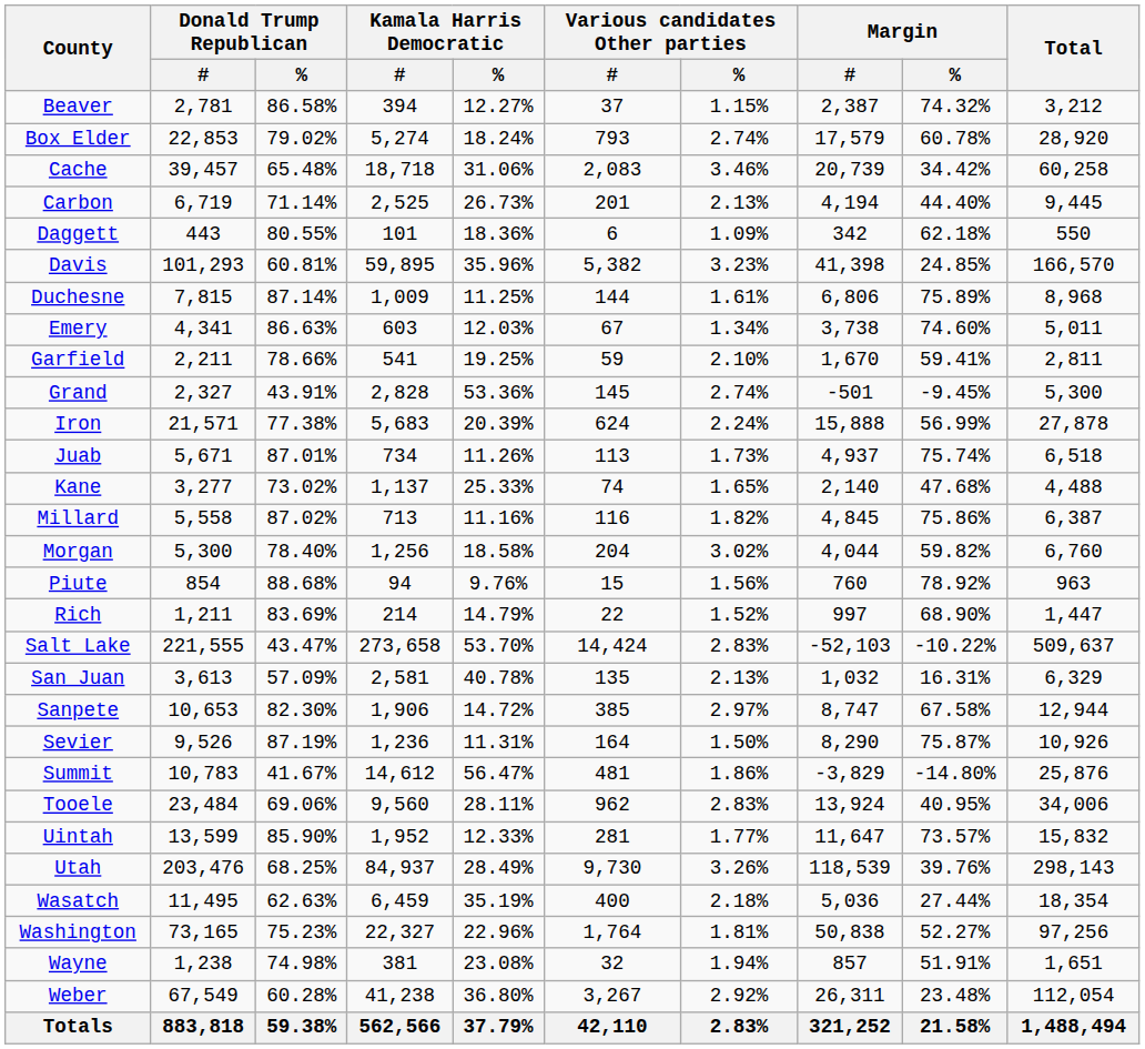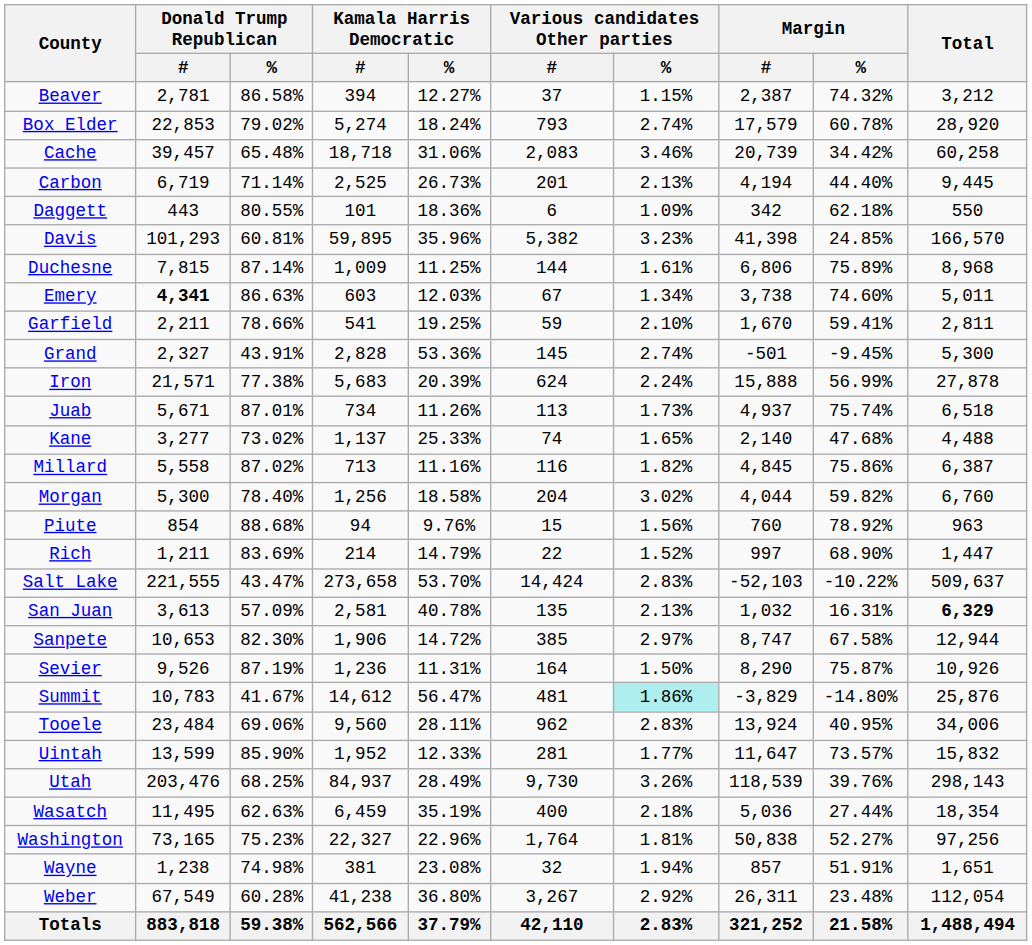 <table width="60%" class="wikitable sortable">
 <tr>
 <th rowspan="2">County</th>
 <th colspan="2">Donald Trump<br>Republican</th>
 <th colspan="2">Kamala Harris<br>Democratic</th>
 <th style="text-align:center;" colspan="2">Various candidates<br>Other parties</th>
 <th style="text-align:center;" colspan="2">Margin</th>
 <th style="text-align:center;" rowspan="2">Total</th>
 </tr>
 <tr>
 <th style="text-align:center;" data-sort-type="number">#</th>
 <th style="text-align:center;" data-sort-type="number">%</th>
 <th style="text-align:center;" data-sort-type="number">#</th>
 <th style="text-align:center;" data-sort-type="number">%</th>
 <th style="text-align:center;" data-sort-type="number">#</th>
 <th style="text-align:center;" data-sort-type="number">%</th>
 <th style="text-align:center;" data-sort-type="number">#</th>
 <th style="text-align:center;" data-sort-type="number">%</th>
 </tr>
 <tr style="text-align:center;">
 <td><a href='#'>Beaver</a></td>
 <td>2,781</td>
 <td>86.58%</td>
 <td>394</td>
 <td>12.27%</td>
 <td>37</td>
 <td>1.15%</td>
 <td>2,387</td>
 <td>74.32%</td>
 <td>3,212</td>
 </tr>
 <tr style="text-align:center;">
 <td><a href='#'>Box Elder</a></td>
 <td>22,853</td>
 <td>79.02%</td>
 <td>5,274</td>
 <td>18.24%</td>
 <td>793</td>
 <td>2.74%</td>
 <td>17,579</td>
 <td>60.78%</td>
 <td>28,920</td>
 </tr>
 <tr style="text-align:center;">
 <td><a href='#'>Cache</a></td>
 <td>39,457</td>
 <td>65.48%</td>
 <td>18,718</td>
 <td>31.06%</td>
 <td>2,083</td>
 <td>3.46%</td>
 <td>20,739</td>
 <td>34.42%</td>
 <td>60,258</td>
 </tr>
 <tr style="text-align:center;">
 <td><a href='#'>Carbon</a></td>
 <td>6,719</td>
 <td>71.14%</td>
 <td>2,525</td>
 <td>26.73%</td>
 <td>201</td>
 <td>2.13%</td>
 <td>4,194</td>
 <td>44.40%</td>
 <td>9,445</td>
 </tr>
 <tr style="text-align:center;">
 <td><a href='#'>Daggett</a></td>
 <td>443</td>
 <td>80.55%</td>
 <td>101</td>
 <td>18.36%</td>
 <td>6</td>
 <td>1.09%</td>
 <td>342</td>
 <td>62.18%</td>
 <td>550</td>
 </tr>
 <tr style="text-align:center;">
 <td><a href='#'>Davis</a></td>
 <td>101,293</td>
 <td>60.81%</td>
 <td>59,895</td>
 <td>35.96%</td>
 <td>5,382</td>
 <td>3.23%</td>
 <td>41,398</td>
 <td>24.85%</td>
 <td>166,570</td>
 </tr>
 <tr style="text-align:center;">
 <td><a href='#'>Duchesne</a></td>
 <td>7,815</td>
 <td>87.14%</td>
 <td>1,009</td>
 <td>11.25%</td>
 <td>144</td>
 <td>1.61%</td>
 <td>6,806</td>
 <td>75.89%</td>
 <td>8,968</td>
 </tr>
 <tr style="text-align:center;">
 <td><a href='#'>Emery</a></td>
-<td>4,341</td>
+<td><strong>4,341</strong></td>
 <td>86.63%</td>
 <td>603</td>
 <td>12.03%</td>
 <td>67</td>
 <td>1.34%</td>
 <td>3,738</td>
 <td>74.60%</td>
 <td>5,011</td>
 </tr>
 <tr style="text-align:center;">
 <td><a href='#'>Garfield</a></td>
 <td>2,211</td>
 <td>78.66%</td>
 <td>541</td>
 <td>19.25%</td>
 <td>59</td>
 <td>2.10%</td>
 <td>1,670</td>
 <td>59.41%</td>
 <td>2,811</td>
 </tr>
 <tr style="text-align:center;">
 <td><a href='#'>Grand</a></td>
 <td>2,327</td>
 <td>43.91%</td>
 <td>2,828</td>
 <td>53.36%</td>
 <td>145</td>
 <td>2.74%</td>
 <td>-501</td>
 <td>-9.45%</td>
 <td>5,300</td>
 </tr>
 <tr style="text-align:center;">
 <td><a href='#'>Iron</a></td>
 <td>21,571</td>
 <td>77.38%</td>
 <td>5,683</td>
 <td>20.39%</td>
 <td>624</td>
 <td>2.24%</td>
 <td>15,888</td>
 <td>56.99%</td>
 <td>27,878</td>
 </tr>
 <tr style="text-align:center;">
 <td><a href='#'>Juab</a></td>
 <td>5,671</td>
 <td>87.01%</td>
 <td>734</td>
 <td>11.26%</td>
 <td>113</td>
 <td>1.73%</td>
 <td>4,937</td>
 <td>75.74%</td>
 <td>6,518</td>
 </tr>
 <tr style="text-align:center;">
 <td><a href='#'>Kane</a></td>
 <td>3,277</td>
 <td>73.02%</td>
 <td>1,137</td>
 <td>25.33%</td>
 <td>74</td>
 <td>1.65%</td>
 <td>2,140</td>
 <td>47.68%</td>
 <td>4,488</td>
 </tr>
 <tr style="text-align:center;">
 <td><a href='#'>Millard</a></td>
 <td>5,558</td>
 <td>87.02%</td>
 <td>713</td>
 <td>11.16%</td>
 <td>116</td>
 <td>1.82%</td>
 <td>4,845</td>
 <td>75.86%</td>
 <td>6,387</td>
 </tr>
 <tr style="text-align:center;">
 <td><a href='#'>Morgan</a></td>
 <td>5,300</td>
 <td>78.40%</td>
 <td>1,256</td>
 <td>18.58%</td>
 <td>204</td>
 <td>3.02%</td>
 <td>4,044</td>
 <td>59.82%</td>
 <td>6,760</td>
 </tr>
 <tr style="text-align:center;">
 <td><a href='#'>Piute</a></td>
 <td>854</td>
 <td>88.68%</td>
 <td>94</td>
 <td>9.76%</td>
 <td>15</td>
 <td>1.56%</td>
 <td>760</td>
 <td>78.92%</td>
 <td>963</td>
 </tr>
 <tr style="text-align:center;">
 <td><a href='#'>Rich</a></td>
 <td>1,211</td>
 <td>83.69%</td>
 <td>214</td>
 <td>14.79%</td>
 <td>22</td>
 <td>1.52%</td>
 <td>997</td>
 <td>68.90%</td>
 <td>1,447</td>
 </tr>
 <tr style="text-align:center;">
 <td><a href='#'>Salt Lake</a></td>
 <td>221,555</td>
 <td>43.47%</td>
 <td>273,658</td>
 <td>53.70%</td>
 <td>14,424</td>
 <td>2.83%</td>
 <td>-52,103</td>
 <td>-10.22%</td>
 <td>509,637</td>
 </tr>
 <tr style="text-align:center;">
 <td><a href='#'>San Juan</a></td>
 <td>3,613</td>
 <td>57.09%</td>
 <td>2,581</td>
 <td>40.78%</td>
 <td>135</td>
 <td>2.13%</td>
 <td>1,032</td>
 <td>16.31%</td>
-<td>6,329</td>
+<td><strong>6,329</strong></td>
 </tr>
 <tr style="text-align:center;">
 <td><a href='#'>Sanpete</a></td>
 <td>10,653</td>
 <td>82.30%</td>
 <td>1,906</td>
 <td>14.72%</td>
 <td>385</td>
 <td>2.97%</td>
 <td>8,747</td>
 <td>67.58%</td>
 <td>12,944</td>
 </tr>
 <tr style="text-align:center;">
 <td><a href='#'>Sevier</a></td>
 <td>9,526</td>
 <td>87.19%</td>
 <td>1,236</td>
 <td>11.31%</td>
 <td>164</td>
 <td>1.50%</td>
 <td>8,290</td>
 <td>75.87%</td>
 <td>10,926</td>
 </tr>
 <tr style="text-align:center;">
 <td><a href='#'>Summit</a></td>
 <td>10,783</td>
 <td>41.67%</td>
 <td>14,612</td>
 <td>56.47%</td>
 <td>481</td>
-<td>1.86%</td>
+<td style="background: paleturquoise;">1.86%</td>
 <td>-3,829</td>
 <td>-14.80%</td>
 <td>25,876</td>
 </tr>
 <tr style="text-align:center;">
 <td><a href='#'>Tooele</a></td>
 <td>23,484</td>
 <td>69.06%</td>
 <td>9,560</td>
 <td>28.11%</td>
 <td>962</td>
 <td>2.83%</td>
 <td>13,924</td>
 <td>40.95%</td>
 <td>34,006</td>
 </tr>
 <tr style="text-align:center;">
 <td><a href='#'>Uintah</a></td>
 <td>13,599</td>
 <td>85.90%</td>
 <td>1,952</td>
 <td>12.33%</td>
 <td>281</td>
 <td>1.77%</td>
 <td>11,647</td>
 <td>73.57%</td>
 <td>15,832</td>
 </tr>
 <tr style="text-align:center;">
 <td><a href='#'>Utah</a></td>
 <td>203,476</td>
 <td>68.25%</td>
 <td>84,937</td>
 <td>28.49%</td>
 <td>9,730</td>
 <td>3.26%</td>
 <td>118,539</td>
 <td>39.76%</td>
 <td>298,143</td>
 </tr>
 <tr style="text-align:center;">
 <td><a href='#'>Wasatch</a></td>
 <td>11,495</td>
 <td>62.63%</td>
 <td>6,459</td>
 <td>35.19%</td>
 <td>400</td>
 <td>2.18%</td>
 <td>5,036</td>
 <td>27.44%</td>
 <td>18,354</td>
 </tr>
 <tr style="text-align:center;">
 <td><a href='#'>Washington</a></td>
 <td>73,165</td>
 <td>75.23%</td>
 <td>22,327</td>
 <td>22.96%</td>
 <td>1,764</td>
 <td>1.81%</td>
 <td>50,838</td>
 <td>52.27%</td>
 <td>97,256</td>
 </tr>
 <tr style="text-align:center;">
 <td><a href='#'>Wayne</a></td>
 <td>1,238</td>
 <td>74.98%</td>
 <td>381</td>
 <td>23.08%</td>
 <td>32</td>
 <td>1.94%</td>
 <td>857</td>
 <td>51.91%</td>
 <td>1,651</td>
 </tr>
 <tr style="text-align:center;">
 <td><a href='#'>Weber</a></td>
 <td>67,549</td>
 <td>60.28%</td>
 <td>41,238</td>
 <td>36.80%</td>
 <td>3,267</td>
 <td>2.92%</td>
 <td>26,311</td>
 <td>23.48%</td>
 <td>112,054</td>
 </tr>
 <tr>
 <th>Totals</th>
 <th>883,818</th>
 <th>59.38%</th>
 <th>562,566</th>
 <th>37.79%</th>
 <th>42,110</th>
 <th>2.83%</th>
 <th>321,252</th>
 <th>21.58%</th>
 <th>1,488,494</th>
 </tr>
 </table>
